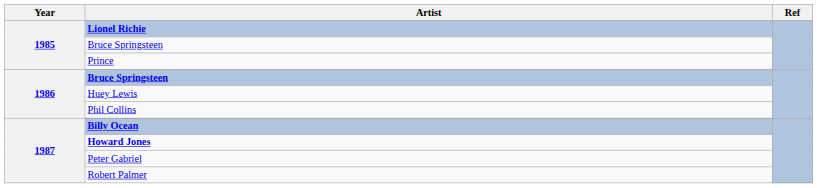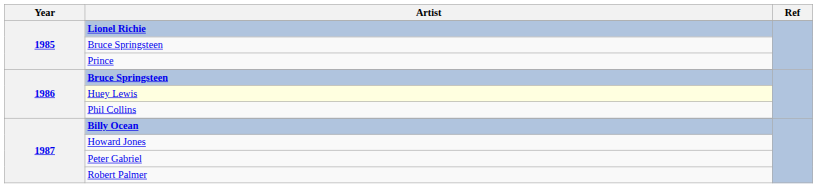 <table class="wikitable" width="100%">
 <tr>
 <th width="10%">Year</th>
 <th width="85%">Artist</th>
 <th width="5%">Ref</th>
 </tr>
 <tr>
 <th rowspan="4" align="center"><a href='#'>1985<br></a></th>
 </tr>
 <tr style="background:#B0C4DE">
 <td><strong><a href='#'>Lionel Richie</a></strong></td>
 <td rowspan="4" align="center"></td>
 </tr>
 <tr>
 <td><a href='#'>Bruce Springsteen</a></td>
 </tr>
 <tr>
 <td><a href='#'>Prince</a></td>
 </tr>
 <tr>
 <th rowspan="4" align="center"><a href='#'>1986<br></a></th>
 </tr>
 <tr style="background:#B0C4DE">
 <td><strong><a href='#'>Bruce Springsteen</a></strong></td>
 <td rowspan="4" align="center"></td>
 </tr>
 <tr>
-<td><a href='#'>Huey Lewis</a></td>
+<td style="background: lightyellow;"><a href='#'>Huey Lewis</a></td>
 </tr>
 <tr>
 <td><a href='#'>Phil Collins</a></td>
 </tr>
 <tr>
 <th rowspan="5" align="center"><a href='#'>1987<br></a></th>
 </tr>
 <tr style="background:#B0C4DE">
 <td><strong><a href='#'>Billy Ocean</a></strong></td>
 <td rowspan="5" align="center"></td>
 </tr>
 <tr>
-<td><strong><a href='#'>Howard Jones</a></strong></td>
+<td><a href='#'>Howard Jones</a></td>
 </tr>
 <tr>
 <td><a href='#'>Peter Gabriel</a></td>
 </tr>
 <tr>
 <td><a href='#'>Robert Palmer</a></td>
 </tr>
 </table>
